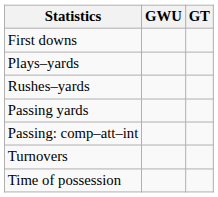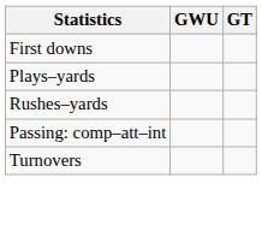 <table class="wikitable" style="float:left">
 <tr>
 <th>Statistics</th>
 <th>GWU</th>
 <th>GT</th>
 </tr>
 <tr>
 <td>First downs</td>
 <td></td>
 <td></td>
 </tr>
 <tr>
 <td>Plays–yards</td>
 <td></td>
 <td></td>
 </tr>
 <tr>
 <td>Rushes–yards</td>
 <td></td>
 <td></td>
 </tr>
 <tr>
-<td>Passing yards</td>
-<td></td>
-<td></td>
-</tr>
-<tr>
 <td>Passing: comp–att–int</td>
 <td></td>
 <td></td>
 </tr>
 <tr>
 <td>Turnovers</td>
 <td></td>
 <td></td>
 </tr>
-<tr>
-<td>Time of possession</td>
-<td></td>
-<td></td>
-</tr>
 </table>
